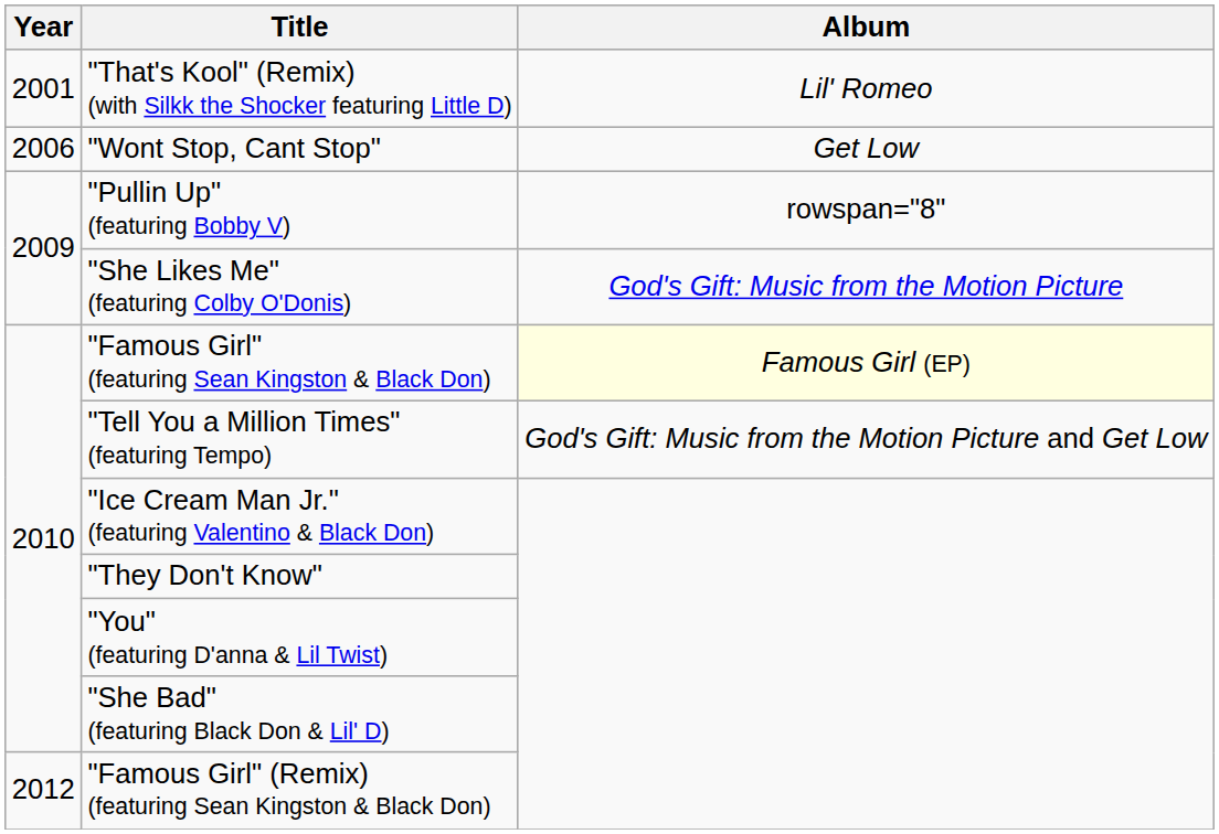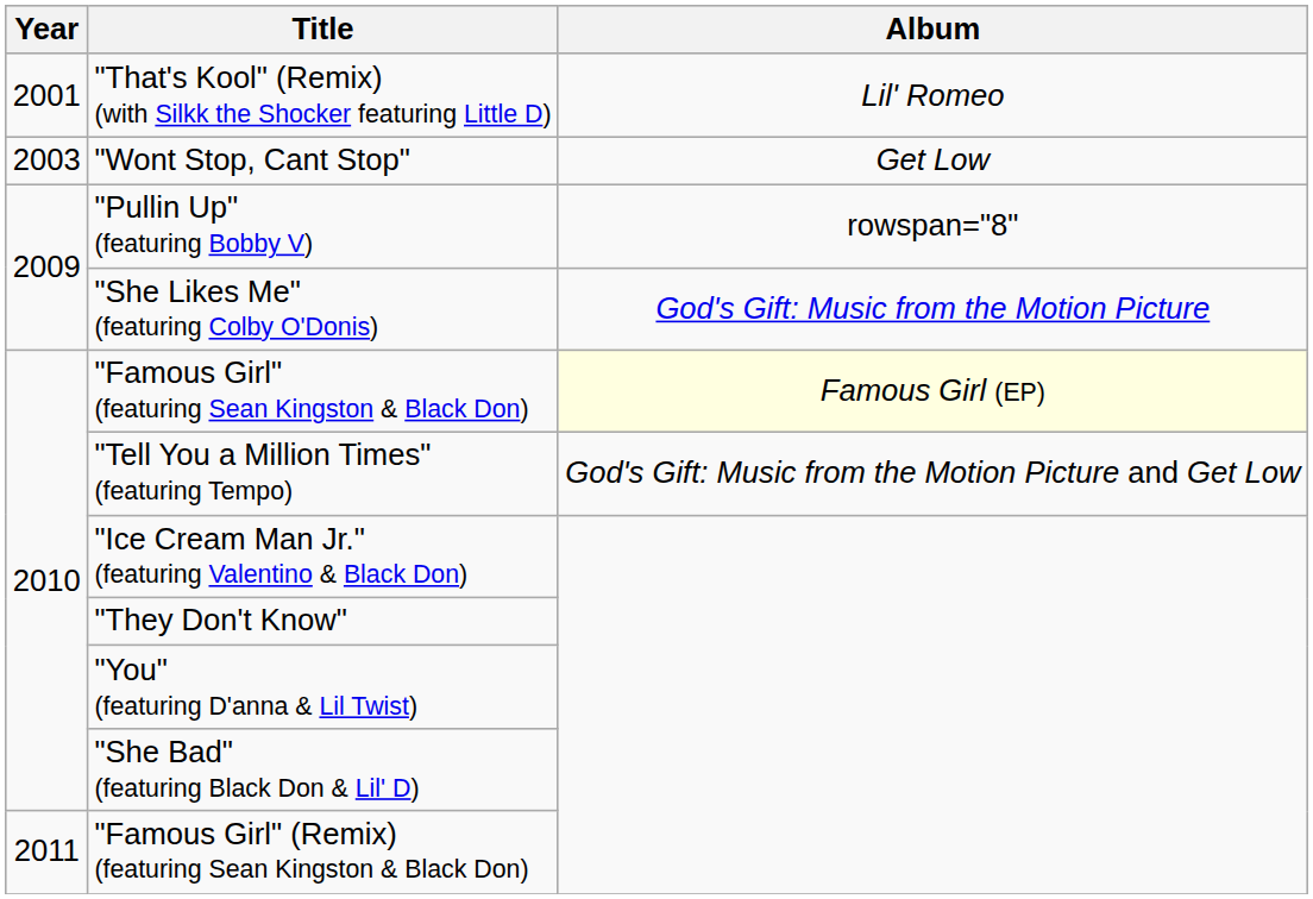 <table class="wikitable" style="text-align:center;">
 <tr>
 <th scope="col">Year</th>
 <th scope="col">Title</th>
 <th scope="col">Album</th>
 </tr>
 <tr>
 <td>2001</td>
 <td style="text-align:left;">"That's Kool" (Remix)<br><small>(with <a href='#'>Silkk the Shocker</a> featuring <a href='#'>Little D</a>)</small></td>
 <td><em>Lil' Romeo</em></td>
 </tr>
 <tr>
-<td>2006</td>
+<td>2003</td>
 <td style="text-align:left;">"Wont Stop, Cant Stop"</td>
 <td><em>Get Low</em></td>
 </tr>
 <tr>
 <td rowspan=2>2009</td>
 <td style="text-align:left;">"Pullin Up"<br><small>(featuring <a href='#'>Bobby V</a>)</small></td>
 <td>rowspan="8" </td>
 </tr>
 <tr>
 <td style="text-align:left;">"She Likes Me"<br><small>(featuring <a href='#'>Colby O'Donis</a>)</small></td>
 <td><em><a href='#'>God's Gift: Music from the Motion Picture</a></em></td>
 </tr>
 <tr>
 <td rowspan=6>2010</td>
 <td style="text-align:left;">"Famous Girl"<br><small>(featuring <a href='#'>Sean Kingston</a> & <a href='#'>Black Don</a>)</small></td>
 <td style="background: lightyellow;"><em>Famous Girl</em> <small>(EP)</small></td>
 </tr>
 <tr>
 <td style="text-align:left;">"Tell You a Million Times"<br><small>(featuring Tempo)</small></td>
 <td><em>God's Gift: Music from the Motion Picture</em> and <em>Get Low</em></td>
 </tr>
 <tr>
 <td style="text-align:left;">"Ice Cream Man Jr."<br><small>(featuring <a href='#'>Valentino</a> & <a href='#'>Black Don</a>)</small></td>
 </tr>
 <tr>
 <td style="text-align:left;">"They Don't Know"</td>
 </tr>
 <tr>
 <td style="text-align:left;">"You"<br><small>(featuring D'anna & <a href='#'>Lil Twist</a>)</small></td>
 </tr>
 <tr>
 <td align="left">"She Bad"<br><small>(featuring Black Don & <a href='#'>Lil' D</a>)</small></td>
 </tr>
 <tr>
-<td>2012</td>
+<td>2011</td>
 <td style="text-align:left;">"Famous Girl" (Remix)<br><small>(featuring Sean Kingston & Black Don)</small></td>
 </tr>
 </table>
